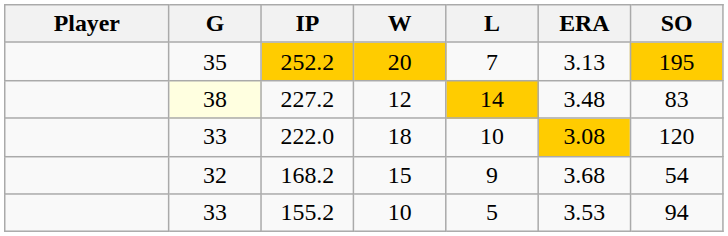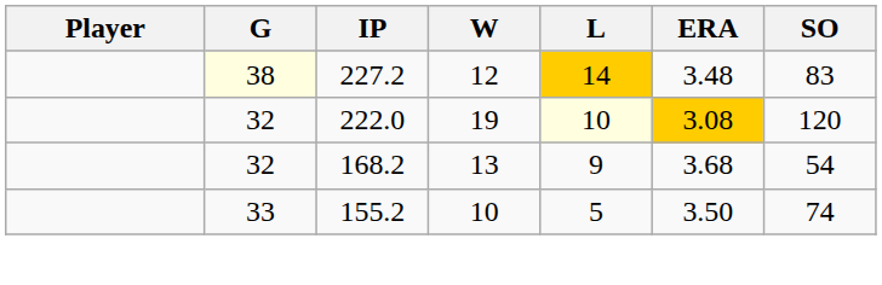 <table class="wikitable sortable">
 <tr>
 <th bgcolor="#DDDDFF" width="16%">Player</th>
 <th bgcolor="#DDDDFF" width="9%">G</th>
 <th bgcolor="#DDDDFF" width="9%">IP</th>
 <th bgcolor="#DDDDFF" width="9%">W</th>
 <th bgcolor="#DDDDFF" width="9%">L</th>
 <th bgcolor="#DDDDFF" width="9%">ERA</th>
 <th bgcolor="#DDDDFF" width="9%">SO</th>
 </tr>
 <tr align="center">
 <td></td>
-<td>35</td>
-<td bgcolor=#ffcc00>252.2</td>
-<td bgcolor=#ffcc00>20</td>
-<td>7</td>
-<td>3.13</td>
-<td bgcolor=#ffcc00>195</td>
-</tr>
-<tr align="center">
-<td></td>
 <td style="background: lightyellow;">38</td>
 <td>227.2</td>
 <td>12</td>
 <td bgcolor=#ffcc00>14</td>
 <td>3.48</td>
 <td>83</td>
 </tr>
 <tr align="center">
 <td></td>
-<td>33</td>
+<td>32</td>
 <td>222.0</td>
-<td>18</td>
-<td>10</td>
+<td>19</td>
+<td style="background: lightyellow;">10</td>
 <td bgcolor=#ffcc00>3.08</td>
 <td>120</td>
 </tr>
 <tr align="center">
 <td></td>
 <td>32</td>
 <td>168.2</td>
-<td>15</td>
+<td>13</td>
 <td>9</td>
 <td>3.68</td>
 <td>54</td>
 </tr>
 <tr align="center">
 <td></td>
 <td>33</td>
 <td>155.2</td>
 <td>10</td>
 <td>5</td>
-<td>3.53</td>
-<td>94</td>
+<td>3.50</td>
+<td>74</td>
 </tr>
 </table>
